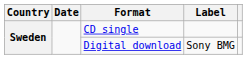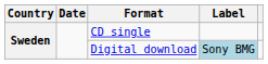 <table class="wikitable plainrowheaders">
 <tr>
 <th scope="col">Country</th>
 <th scope="col">Date</th>
 <th scope="col">Format</th>
 <th scope="col">Label</th>
 <th scope="col"></th>
 </tr>
 <tr>
 <th scope="row" rowspan="2">Sweden</th>
 <td rowspan="2"></td>
 <td><a href='#'>CD single</a></td>
 <td></td>
 <td></td>
 </tr>
 <tr>
 <td><a href='#'>Digital download</a></td>
-<td>Sony BMG</td>
+<td style="background: lightblue;">Sony BMG</td>
 <td></td>
 </tr>
 </table>
